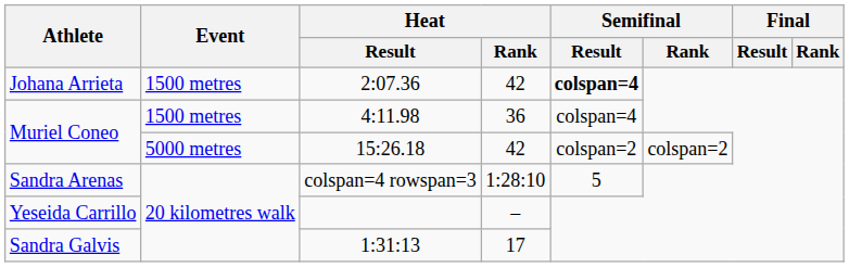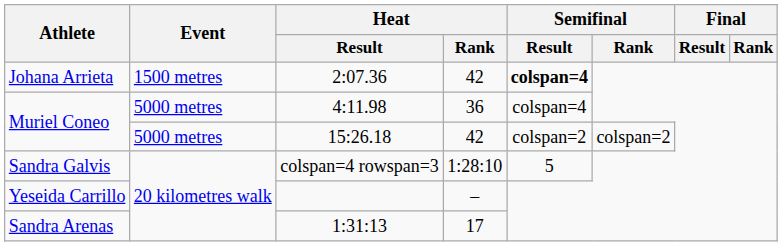 <table class=wikitable style=font-size:90%>
 <tr>
 <th rowspan=2>Athlete</th>
 <th rowspan=2>Event</th>
 <th colspan=2>Heat</th>
 <th colspan=2>Semifinal</th>
 <th colspan=2>Final</th>
 </tr>
 <tr style=font-size:95%>
 <th>Result</th>
 <th>Rank</th>
 <th>Result</th>
 <th>Rank</th>
 <th>Result</th>
 <th>Rank</th>
 </tr>
 <tr align=center>
 <td align=left><a href='#'>Johana Arrieta</a></td>
 <td align=left><a href='#'>1500 metres</a></td>
 <td>2:07.36</td>
 <td>42</td>
 <td><strong>colspan=4 </strong></td>
 </tr>
 <tr align=center>
 <td align=left rowspan=2><a href='#'>Muriel Coneo</a></td>
-<td align=left><a href='#'>1500 metres</a></td>
+<td align=left><a href='#'>5000 metres</a></td>
 <td>4:11.98 <strong></strong></td>
 <td>36</td>
 <td>colspan=4 </td>
 </tr>
 <tr align=center>
 <td align=left><a href='#'>5000 metres</a></td>
 <td>15:26.18 <strong></strong></td>
 <td>42</td>
 <td>colspan=2 </td>
 <td>colspan=2 </td>
 </tr>
 <tr align=center>
-<td align=left><a href='#'>Sandra Arenas</a></td>
+<td align=left><a href='#'>Sandra Galvis</a></td>
 <td align=left rowspan=3><a href='#'>20 kilometres walk</a></td>
 <td>colspan=4 rowspan=3 </td>
 <td>1:28:10 <strong></strong></td>
 <td>5</td>
 </tr>
 <tr align=center>
 <td align=left><a href='#'>Yeseida Carrillo</a></td>
 <td><strong></strong></td>
 <td>–</td>
 </tr>
 <tr align=center>
-<td align=left><a href='#'>Sandra Galvis</a></td>
+<td align=left><a href='#'>Sandra Arenas</a></td>
 <td>1:31:13</td>
 <td>17</td>
 </tr>
 </table>
